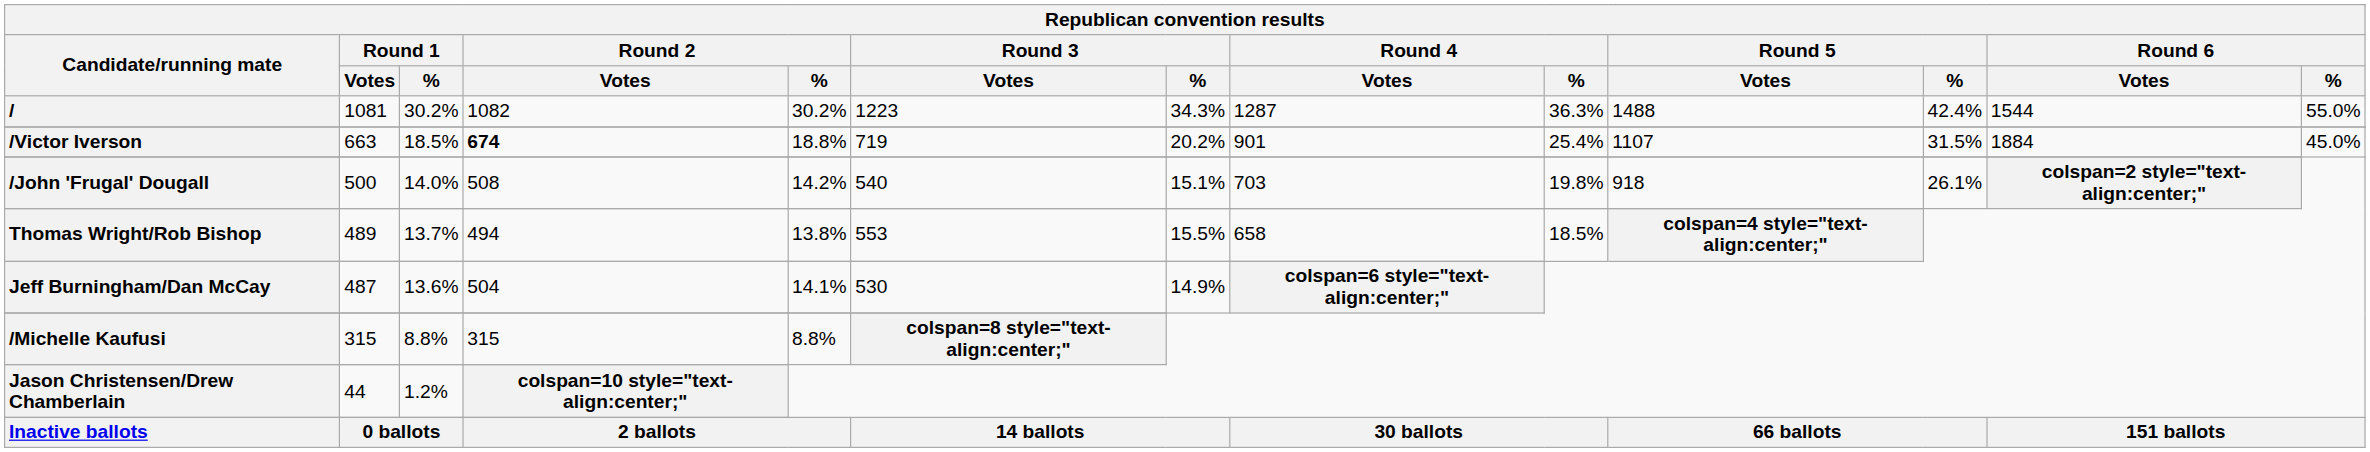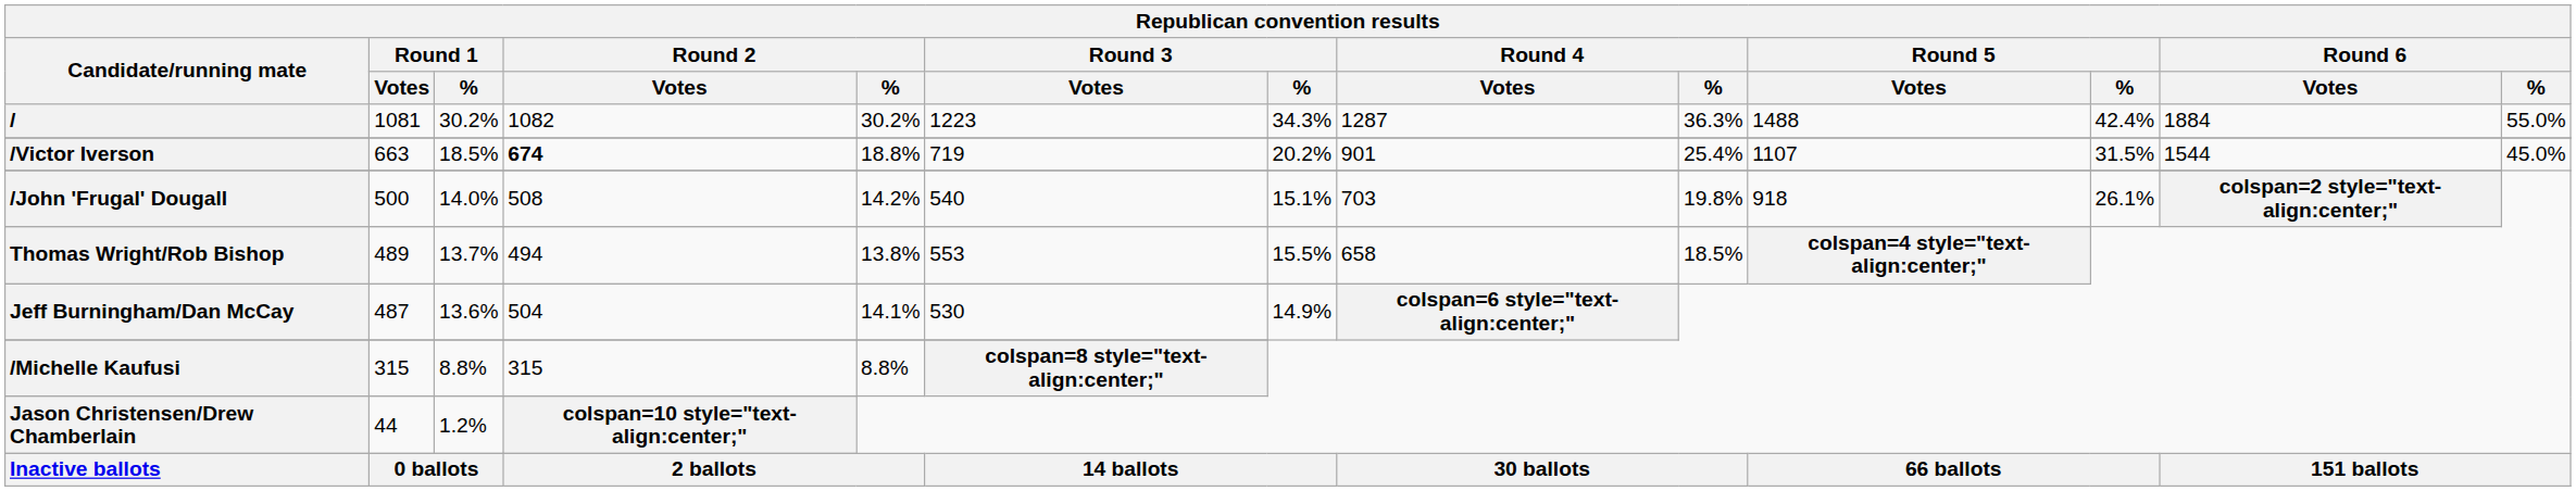 <table class="wikitable sortable">
 <tr>
 <th colspan=" 13 ">Republican convention results</th>
 </tr>
 <tr style="background:#eee; text-align:center;">
 <th rowspan=2 style="text-align:center;">Candidate/running mate</th>
 <th colspan=2 style="text-align:center;">Round 1</th>
 <th colspan=2 style="text-align:center;">Round 2</th>
 <th colspan=2 style="text-align:center;">Round 3</th>
 <th colspan=2 style="text-align:center;">Round 4</th>
 <th colspan=2 style="text-align:center;">Round 5</th>
 <th colspan=2 style="text-align:center;">Round 6</th>
 </tr>
 <tr>
 <th>Votes</th>
 <th>%</th>
 <th>Votes</th>
 <th>%</th>
 <th>Votes</th>
 <th>%</th>
 <th>Votes</th>
 <th>%</th>
 <th>Votes</th>
 <th>%</th>
 <th>Votes</th>
 <th>%</th>
 </tr>
 <tr>
 <th scope="row" style="text-align:left;">/</th>
 <td>1081</td>
 <td>30.2%</td>
 <td>1082</td>
 <td>30.2%</td>
 <td>1223</td>
 <td>34.3%</td>
 <td>1287</td>
 <td>36.3%</td>
 <td>1488</td>
 <td>42.4%</td>
-<td>1544</td>
+<td> 1884</td>
 <td> 55.0%</td>
 </tr>
 <tr>
 </tr>
 <tr>
 <th scope="row" style="text-align:left;">/Victor Iverson</th>
 <td>663</td>
 <td>18.5%</td>
 <td><strong>674</strong></td>
 <td>18.8%</td>
 <td>719</td>
 <td>20.2%</td>
 <td>901</td>
 <td>25.4%</td>
 <td>1107</td>
 <td>31.5%</td>
-<td> 1884</td>
+<td>1544</td>
 <td>45.0%</td>
 </tr>
 <tr>
 </tr>
 <tr>
 <th scope="row" style="text-align:left;">/John 'Frugal' Dougall</th>
 <td>500</td>
 <td>14.0%</td>
 <td>508</td>
 <td>14.2%</td>
 <td>540</td>
 <td>15.1%</td>
 <td>703</td>
 <td>19.8%</td>
 <td>918</td>
 <td>26.1%</td>
 <th>colspan=2 style="text-align:center;" </th>
 </tr>
 <tr>
 </tr>
 <tr>
 <th scope="row" style="text-align:left;">Thomas Wright/Rob Bishop</th>
 <td>489</td>
 <td>13.7%</td>
 <td>494</td>
 <td>13.8%</td>
 <td>553</td>
 <td>15.5%</td>
 <td>658</td>
 <td>18.5%</td>
 <th>colspan=4 style="text-align:center;" </th>
 </tr>
 <tr>
 </tr>
 <tr>
 <th scope="row" style="text-align:left;">Jeff Burningham/Dan McCay</th>
 <td>487</td>
 <td>13.6%</td>
 <td>504</td>
 <td>14.1%</td>
 <td>530</td>
 <td>14.9%</td>
 <th>colspan=6 style="text-align:center;" </th>
 </tr>
 <tr>
 </tr>
 <tr>
 <th scope="row" style="text-align:left;">/Michelle Kaufusi</th>
 <td>315</td>
 <td>8.8%</td>
 <td>315</td>
 <td>8.8%</td>
 <th>colspan=8 style="text-align:center;" </th>
 </tr>
 <tr>
 </tr>
 <tr>
 <th scope="row" style="text-align:left;">Jason Christensen/Drew Chamberlain</th>
 <td>44</td>
 <td>1.2%</td>
 <th>colspan=10 style="text-align:center;" </th>
 </tr>
 <tr>
 </tr>
 <tr>
 <th scope="row" style="text-align:left;"><a href='#'>Inactive ballots</a></th>
 <th colspan="2">0 ballots</th>
 <th colspan="2">2 ballots</th>
 <th colspan="2">14 ballots</th>
 <th colspan="2">30 ballots</th>
 <th colspan="2">66 ballots</th>
 <th colspan="2">151 ballots</th>
 </tr>
 </table>
